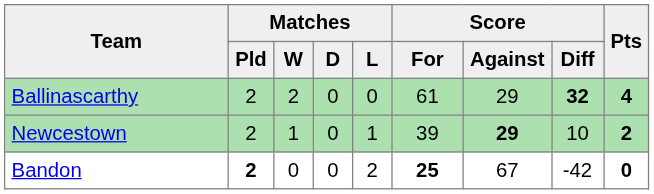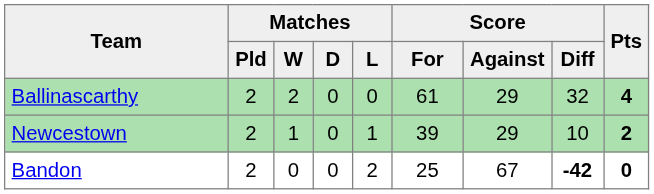 <table style=border-collapse:collapse border=1 cellspacing=0 cellpadding=5>
 <tr align=center bgcolor=#efefef>
 <th rowspan=2 width=165>Team</th>
 <th colspan=4>Matches</th>
 <th colspan=3>Score</th>
 <th rowspan=2width=20>Pts</th>
 </tr>
 <tr align=center bgcolor=#efefef>
 <th width=20>Pld</th>
 <th width=20>W</th>
 <th width=20>D</th>
 <th width=20>L</th>
 <th width=45>For</th>
 <th width=45>Against</th>
 <th width=30>Diff</th>
 </tr>
 <tr align=center style="background:#ACE1AF;">
 <td style="text-align:left;"><a href='#'>Ballinascarthy</a></td>
 <td>2</td>
 <td>2</td>
 <td>0</td>
 <td>0</td>
 <td>61</td>
 <td>29</td>
-<td><strong>32</strong></td>
+<td>32</td>
 <td><strong>4</strong></td>
 </tr>
 <tr align=center style="background:#ACE1AF;">
 <td style="text-align:left;"><a href='#'>Newcestown</a></td>
 <td>2</td>
 <td>1</td>
 <td>0</td>
 <td>1</td>
 <td>39</td>
-<td><strong>29</strong></td>
+<td>29</td>
 <td>10</td>
 <td><strong>2</strong></td>
 </tr>
 <tr align=center>
 <td style="text-align:left;"><a href='#'>Bandon</a></td>
-<td><strong>2</strong></td>
+<td>2</td>
 <td>0</td>
 <td>0</td>
 <td>2</td>
-<td><strong>25</strong></td>
+<td>25</td>
 <td>67</td>
-<td>-42</td>
+<td><strong>-42</strong></td>
 <td><strong>0</strong></td>
 </tr>
 </table>
